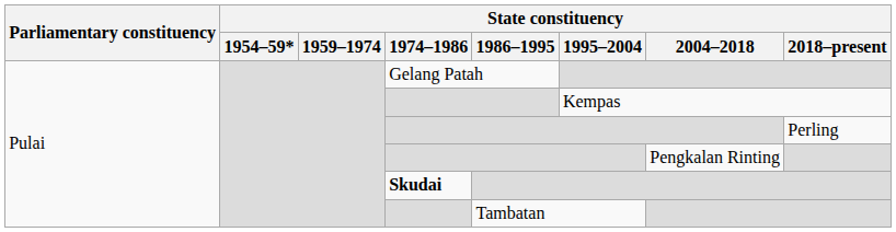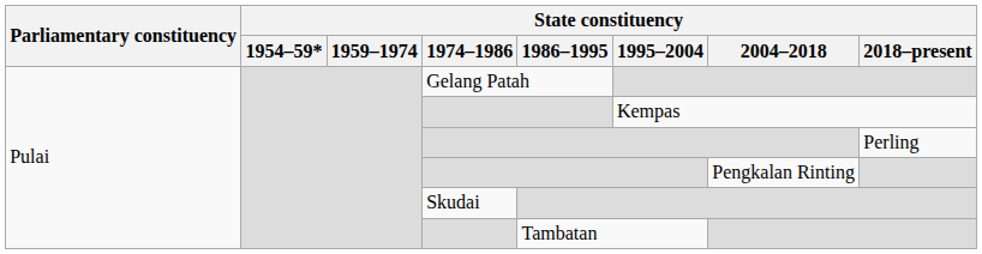 <table class="wikitable">
 <tr>
 <th rowspan="2">Parliamentary constituency</th>
 <th colspan="7">State constituency</th>
 </tr>
 <tr>
 <th>1954–59*</th>
 <th>1959–1974</th>
 <th>1974–1986</th>
 <th>1986–1995</th>
 <th>1995–2004</th>
 <th>2004–2018</th>
 <th>2018–present</th>
 </tr>
 <tr>
 <td rowspan="6">Pulai</td>
 <td colspan="2" rowspan="6" bgcolor="dcdcdc"></td>
 <td colspan="2">Gelang Patah</td>
 <td colspan="3" bgcolor="dcdcdc"></td>
 </tr>
 <tr>
 <td colspan="2" bgcolor="dcdcdc"></td>
 <td colspan="3">Kempas</td>
 </tr>
 <tr>
 <td colspan="4" bgcolor="dcdcdc"></td>
 <td>Perling</td>
 </tr>
 <tr>
 <td colspan="3" bgcolor="dcdcdc"></td>
 <td>Pengkalan Rinting</td>
 <td bgcolor="dcdcdc"></td>
 </tr>
 <tr>
-<td><strong>Skudai</strong></td>
+<td>Skudai</td>
 <td colspan="4" bgcolor="dcdcdc"></td>
 </tr>
 <tr>
 <td bgcolor="dcdcdc"></td>
 <td colspan="2">Tambatan</td>
 <td colspan="2" bgcolor="dcdcdc"></td>
 </tr>
 </table>
